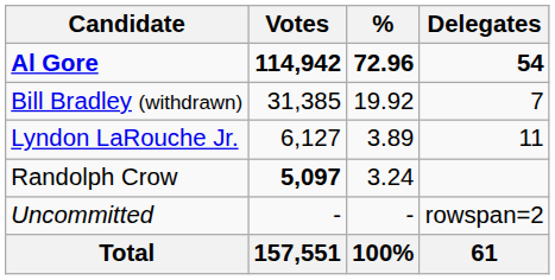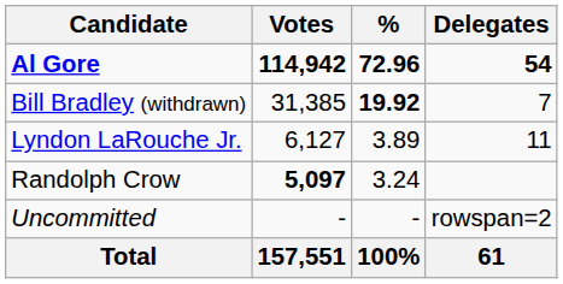 <table class="wikitable sortable" style="text-align:right;">
 <tr>
 <th>Candidate</th>
 <th>Votes</th>
 <th>%</th>
 <th>Delegates</th>
 </tr>
 <tr>
 <td style="text-align:left;" data-sort-value="Gore, Al"><strong><a href='#'>Al Gore</a></strong></td>
 <td><strong>114,942</strong></td>
 <td><strong>72.96</strong></td>
 <td><strong>54</strong></td>
 </tr>
 <tr>
 <td style="text-align:left;" data-sort-value="Bradley, Bill"><a href='#'>Bill Bradley</a> <small>(withdrawn)</small></td>
 <td>31,385</td>
-<td>19.92</td>
+<td><strong>19.92</strong></td>
 <td>7</td>
 </tr>
 <tr>
 <td style="text-align:left;" data-sort-value="LaRouche Jr., Lyndon"><a href='#'>Lyndon LaRouche Jr.</a></td>
 <td>6,127</td>
 <td>3.89</td>
 <td>11</td>
 </tr>
 <tr>
 <td style="text-align:left;" data-sort-value="Crow, Randolph">Randolph Crow</td>
 <td><strong>5,097</strong></td>
 <td>3.24</td>
 </tr>
 <tr>
 <td style="text-align:left;" data-sort-value="ZZZ"><em>Uncommitted</em></td>
 <td>-</td>
 <td>-</td>
 <td>rowspan=2 </td>
 </tr>
 <tr>
 <th>Total</th>
 <th>157,551</th>
 <th>100%</th>
 <th>61</th>
 </tr>
 </table>
